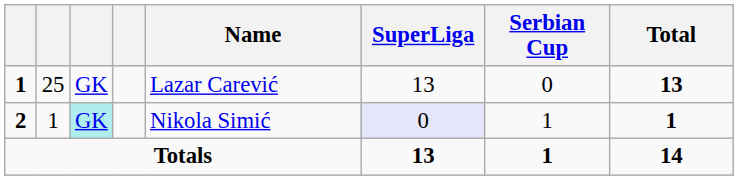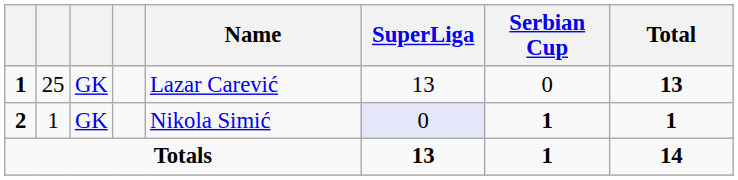 <table class="wikitable" style="text-align:center">
 <tr>
 <th width="15"></th>
 <th width="15"></th>
 <th width="15"></th>
 <th width="15"></th>
 <th width="145">Name</th>
 <th width="80"><strong><a href='#'>SuperLiga</a></strong></th>
 <th width="80"><strong><a href='#'>Serbian Cup</a></strong></th>
 <th width="80">Total</th>
 </tr>
 <tr>
 <td><strong>1</strong></td>
 <td>25</td>
 <td><a href='#'>GK</a></td>
 <td></td>
 <td align="left"><a href='#'>Lazar Carević</a></td>
 <td>13</td>
 <td>0</td>
 <td><strong>13</strong></td>
 </tr>
 <tr>
 <td><strong>2</strong></td>
 <td>1</td>
-<td style="background: paleturquoise;"><a href='#'>GK</a></td>
+<td><a href='#'>GK</a></td>
 <td></td>
 <td align="left"><a href='#'>Nikola Simić</a></td>
 <td style="background: lavender;">0</td>
-<td>1</td>
+<td><strong>1</strong></td>
 <td><strong>1</strong></td>
 </tr>
 <tr>
 <td colspan="5"><strong>Totals</strong></td>
 <td><strong>13</strong></td>
 <td><strong>1</strong></td>
 <td><strong>14</strong></td>
 </tr>
 </table>
